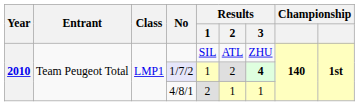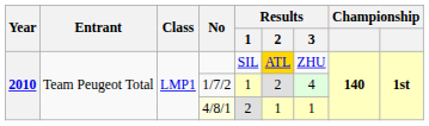 <table class="wikitable" style="text-align:center; font-size:90%">
 <tr>
 <th rowspan=2>Year</th>
 <th rowspan=2>Entrant</th>
 <th rowspan=2>Class</th>
 <th rowspan=2>No</th>
 <th colspan=3>Results</th>
 <th colspan=2>Championship</th>
 </tr>
 <tr>
 <th>1</th>
 <th>2</th>
 <th>3</th>
 <th></th>
 <th></th>
 </tr>
 <tr>
 <th rowspan=3><a href='#'>2010</a></th>
 <td rowspan=3> Team Peugeot Total</td>
 <td rowspan=3><a href='#'>LMP1</a></td>
 <td></td>
 <td><a href='#'>SIL</a></td>
-<td><a href='#'>ATL</a></td>
+<td style="background: gold;"><a href='#'>ATL</a></td>
 <td><a href='#'>ZHU</a></td>
 <th rowspan=3 style="background:#ffffbf;">140</th>
 <th rowspan=3 style="background:#ffffbf;">1st</th>
 </tr>
 <tr>
-<td style="background: lavender;">1/7/2</td>
+<td>1/7/2</td>
 <td style="background:#ffffbf;">1</td>
 <td style="background:#dfdfdf;">2</td>
-<td style="background:#dfffdf;"><strong>4</strong></td>
+<td style="background:#dfffdf;">4</td>
 </tr>
 <tr>
-<td>4/8/1</td>
+<td style="background: lightyellow;">4/8/1</td>
 <td style="background:#dfdfdf;">2</td>
 <td style="background:#ffffbf;">1</td>
 <td style="background:#ffffbf;">1</td>
 </tr>
 </table>
